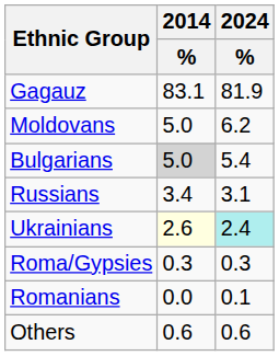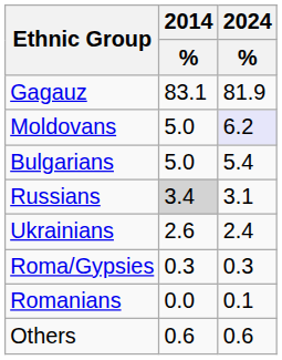 <table class="wikitable">
 <tr>
 <th rowspan="2"><strong>Ethnic Group</strong></th>
 <th>2014</th>
 <th>2024</th>
 </tr>
 <tr>
 <th><strong>%</strong></th>
 <th><strong>%</strong></th>
 </tr>
 <tr>
 <td><a href='#'>Gagauz</a></td>
 <td>83.1</td>
 <td>81.9</td>
 </tr>
 <tr>
 <td><a href='#'>Moldovans</a></td>
 <td>5.0</td>
-<td>6.2</td>
+<td style="background: lavender;">6.2</td>
 </tr>
 <tr>
 <td><a href='#'>Bulgarians</a></td>
-<td style="background: lightgrey;">5.0</td>
+<td>5.0</td>
 <td>5.4</td>
 </tr>
 <tr>
 <td><a href='#'>Russians</a></td>
-<td>3.4</td>
+<td style="background: lightgrey;">3.4</td>
 <td>3.1</td>
 </tr>
 <tr>
 <td><a href='#'>Ukrainians</a></td>
-<td style="background: lightyellow;">2.6</td>
-<td style="background: paleturquoise;">2.4</td>
+<td>2.6</td>
+<td>2.4</td>
 </tr>
 <tr>
 <td><a href='#'>Roma/Gypsies</a></td>
 <td>0.3</td>
 <td>0.3</td>
 </tr>
 <tr>
 <td><a href='#'>Romanians</a></td>
 <td>0.0</td>
 <td>0.1</td>
 </tr>
 <tr>
 <td>Others</td>
 <td>0.6</td>
 <td>0.6</td>
 </tr>
 </table>
